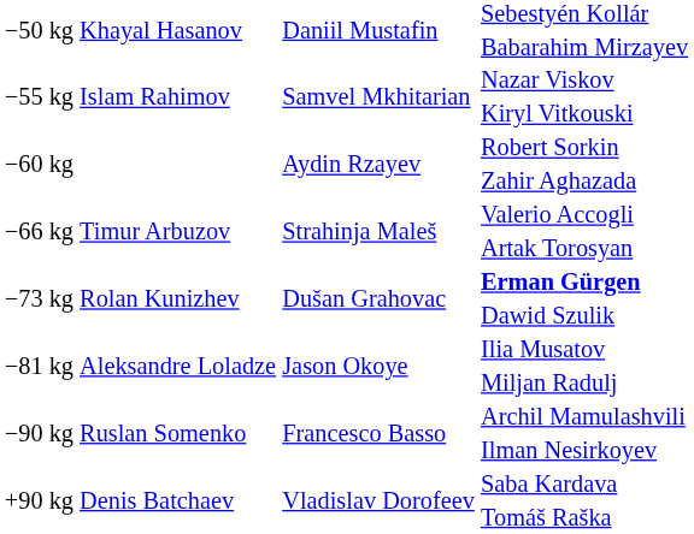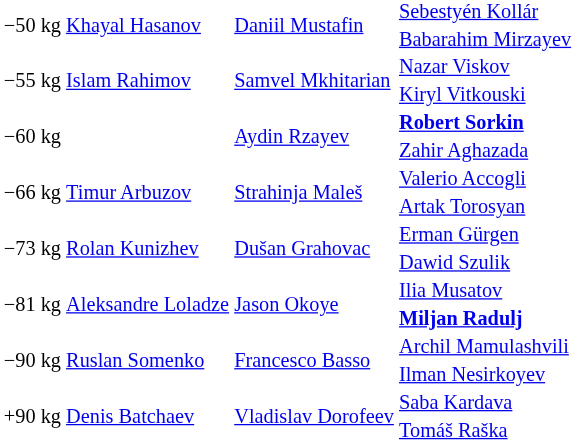 <table>
 <tr>
 <td rowspan=2>−50 kg</td>
 <td rowspan=2> <a href='#'>Khayal Hasanov</a></td>
 <td rowspan=2> <a href='#'>Daniil Mustafin</a></td>
 <td> <a href='#'>Sebestyén Kollár</a></td>
 </tr>
 <tr>
 <td> <a href='#'>Babarahim Mirzayev</a></td>
 </tr>
 <tr>
 <td rowspan=2>−55 kg</td>
 <td rowspan=2> <a href='#'>Islam Rahimov</a></td>
 <td rowspan=2> <a href='#'>Samvel Mkhitarian</a></td>
 <td> <a href='#'>Nazar Viskov</a></td>
 </tr>
 <tr>
 <td> <a href='#'>Kiryl Vitkouski</a></td>
 </tr>
 <tr>
 <td rowspan=2>−60 kg</td>
 <td rowspan=2> </td>
 <td rowspan=2> <a href='#'>Aydin Rzayev</a></td>
-<td> <a href='#'>Robert Sorkin</a></td>
+<td><strong> <a href='#'>Robert Sorkin</a></strong></td>
 </tr>
 <tr>
 <td> <a href='#'>Zahir Aghazada</a></td>
 </tr>
 <tr>
 <td rowspan=2>−66 kg</td>
 <td rowspan=2> <a href='#'>Timur Arbuzov</a></td>
 <td rowspan=2> <a href='#'>Strahinja Maleš</a></td>
 <td> <a href='#'>Valerio Accogli</a></td>
 </tr>
 <tr>
 <td> <a href='#'>Artak Torosyan</a></td>
 </tr>
 <tr>
 <td rowspan=2>−73 kg</td>
 <td rowspan=2> <a href='#'>Rolan Kunizhev</a></td>
 <td rowspan=2> <a href='#'>Dušan Grahovac</a></td>
-<td><strong> <a href='#'>Erman Gürgen</a></strong></td>
+<td> <a href='#'>Erman Gürgen</a></td>
 </tr>
 <tr>
 <td> <a href='#'>Dawid Szulik</a></td>
 </tr>
 <tr>
 <td rowspan=2>−81 kg</td>
 <td rowspan=2> <a href='#'>Aleksandre Loladze</a></td>
 <td rowspan=2> <a href='#'>Jason Okoye</a></td>
 <td> <a href='#'>Ilia Musatov</a></td>
 </tr>
 <tr>
-<td> <a href='#'>Miljan Radulj</a></td>
+<td><strong> <a href='#'>Miljan Radulj</a></strong></td>
 </tr>
 <tr>
 <td rowspan=2>−90 kg</td>
 <td rowspan=2> <a href='#'>Ruslan Somenko</a></td>
 <td rowspan=2> <a href='#'>Francesco Basso</a></td>
 <td> <a href='#'>Archil Mamulashvili</a></td>
 </tr>
 <tr>
 <td> <a href='#'>Ilman Nesirkoyev</a></td>
 </tr>
 <tr>
 <td rowspan=2>+90 kg</td>
 <td rowspan=2> <a href='#'>Denis Batchaev</a></td>
 <td rowspan=2> <a href='#'>Vladislav Dorofeev</a></td>
 <td> <a href='#'>Saba Kardava</a></td>
 </tr>
 <tr>
 <td> <a href='#'>Tomáš Raška</a></td>
 </tr>
 </table>
